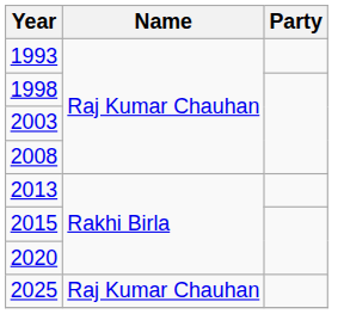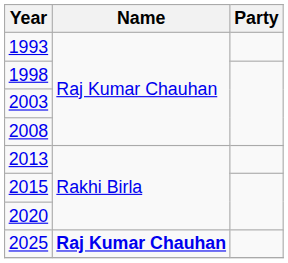 <table class="wikitable">
 <tr>
 <th>Year</th>
 <th>Name</th>
 <th colspan=2>Party</th>
 </tr>
 <tr>
 <td><a href='#'>1993</a></td>
 <td rowspan="4"><a href='#'>Raj Kumar Chauhan</a></td>
 <td></td>
 </tr>
 <tr>
 <td><a href='#'>1998</a></td>
 </tr>
 <tr>
 <td><a href='#'>2003</a></td>
 </tr>
 <tr>
 <td><a href='#'>2008</a></td>
 </tr>
 <tr>
 <td><a href='#'>2013</a></td>
 <td rowspan="3"><a href='#'>Rakhi Birla</a></td>
 <td></td>
 </tr>
 <tr>
 <td><a href='#'>2015</a></td>
 </tr>
 <tr>
 <td><a href='#'>2020</a></td>
 </tr>
 <tr>
 <td><a href='#'>2025</a></td>
-<td><a href='#'>Raj Kumar Chauhan</a></td>
+<td><strong><a href='#'>Raj Kumar Chauhan</a></strong></td>
 <td></td>
 </tr>
 <tr>
 </tr>
 </table>
